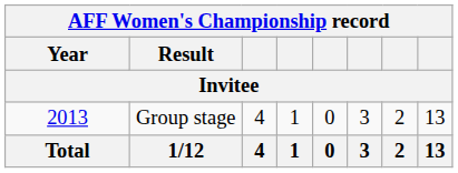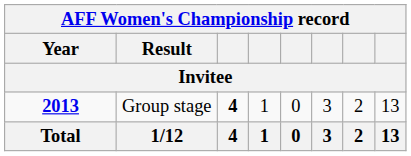 <table class="wikitable" style="text-align: center;">
 <tr>
 <th colspan=9><a href='#'>AFF Women's Championship</a> record</th>
 </tr>
 <tr>
 <th width="90">Year</th>
 <th width="80">Result</th>
 <th width="20"></th>
 <th width="20"></th>
 <th width="20"></th>
 <th width="20"></th>
 <th width="20"></th>
 <th width="20"></th>
 </tr>
 <tr>
 <th colspan=8>Invitee</th>
 </tr>
 <tr>
-<td> <a href='#'>2013</a></td>
+<td><strong> <a href='#'>2013</a></strong></td>
 <td>Group stage</td>
-<td>4</td>
+<td><strong>4</strong></td>
 <td>1</td>
 <td>0</td>
 <td>3</td>
 <td>2</td>
 <td>13</td>
 </tr>
 <tr>
 <th>Total</th>
 <th>1/12</th>
 <th>4</th>
 <th>1</th>
 <th>0</th>
 <th>3</th>
 <th>2</th>
 <th>13</th>
 </tr>
 </table>
